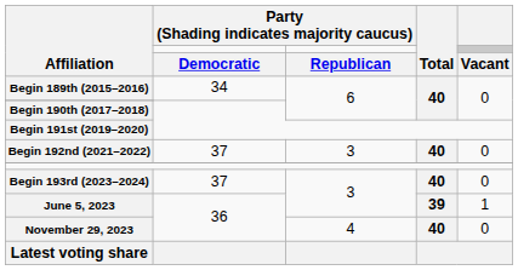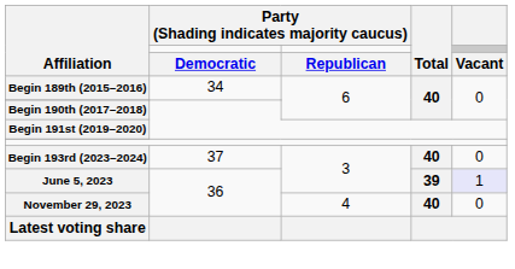 <table class="wikitable" style="text-align:center">
 <tr style="vertical-align:bottom;">
 <th rowspan="3">Affiliation</th>
 <th colspan="2">Party <br><div>(Shading indicates majority caucus)</div></th>
 <th rowspan="3">Total</th>
 <th></th>
 </tr>
 <tr style="height:5px">
 <td style="background-color:"></td>
 <td style="background-color:"></td>
 <td style="background-color: #C9C9C9;"></td>
 </tr>
 <tr>
 <th><a href='#'>Democratic</a></th>
 <th><a href='#'>Republican</a></th>
 <th>Vacant</th>
 </tr>
 <tr>
 <th nowrap style="font-size:80%">Begin 189th (2015–2016)</th>
 <td>34</td>
 <td rowspan=3>6</td>
 <th rowspan=3>40</th>
 <td rowspan=3>0</td>
 </tr>
 <tr>
 </tr>
 <tr>
 <th nowrap style="font-size:80%">Begin 190th (2017–2018)</th>
 </tr>
 <tr>
 <th nowrap style="font-size:80%">Begin 191st (2019–2020)</th>
 </tr>
 <tr>
-<th nowrap style="font-size:80%">Begin 192nd (2021–2022)</th>
-<td>37</td>
-<td>3</td>
-<th>40</th>
-<td>0</td>
-</tr>
-<tr>
 </tr>
 <tr>
 <td colspan=5></td>
 </tr>
 <tr>
 <th nowrap style="font-size:80%">Begin 193rd (2023–2024)</th>
 <td>37</td>
 <td rowspan=2>3</td>
 <th>40</th>
 <td>0</td>
 </tr>
 <tr>
 <th nowrap style="font-size:80%">June 5, 2023</th>
 <td rowspan=2 >36</td>
 <th>39</th>
-<td>1</td>
+<td style="background: lavender;">1</td>
 </tr>
 <tr>
 <th nowrap style="font-size:80%">November 29, 2023</th>
 <td>4</td>
 <th>40</th>
 <td>0</td>
 </tr>
 <tr>
 <th>Latest voting share</th>
 <th></th>
 <th></th>
 <th colspan=2></th>
 </tr>
 </table>
